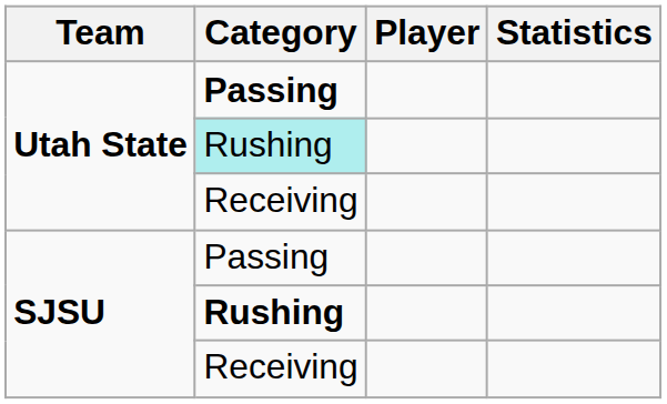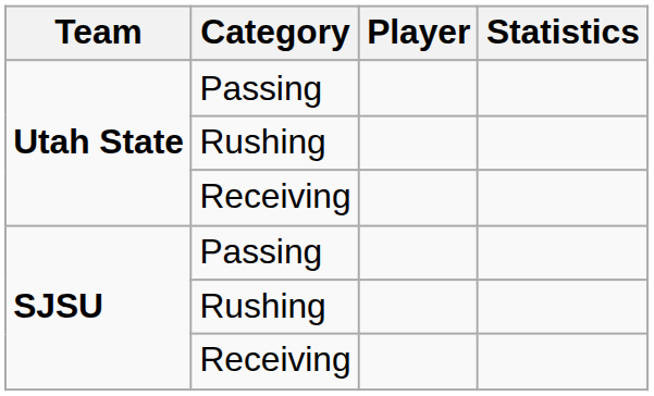 <table class="wikitable" style="float: right;">
 <tr>
 <th>Team</th>
 <th>Category</th>
 <th>Player</th>
 <th>Statistics</th>
 </tr>
 <tr>
 <td rowspan=3><strong>Utah State</strong></td>
-<td><strong>Passing</strong></td>
+<td>Passing</td>
 <td></td>
 <td></td>
 </tr>
 <tr>
-<td style="background: paleturquoise;">Rushing</td>
+<td>Rushing</td>
 <td></td>
 <td></td>
 </tr>
 <tr>
 <td>Receiving</td>
 <td></td>
 <td></td>
 </tr>
 <tr>
 <td rowspan=3><strong>SJSU</strong></td>
 <td>Passing</td>
 <td></td>
 <td></td>
 </tr>
 <tr>
-<td><strong>Rushing</strong></td>
+<td>Rushing</td>
 <td></td>
 <td></td>
 </tr>
 <tr>
 <td>Receiving</td>
 <td></td>
 <td></td>
 </tr>
 </table>
